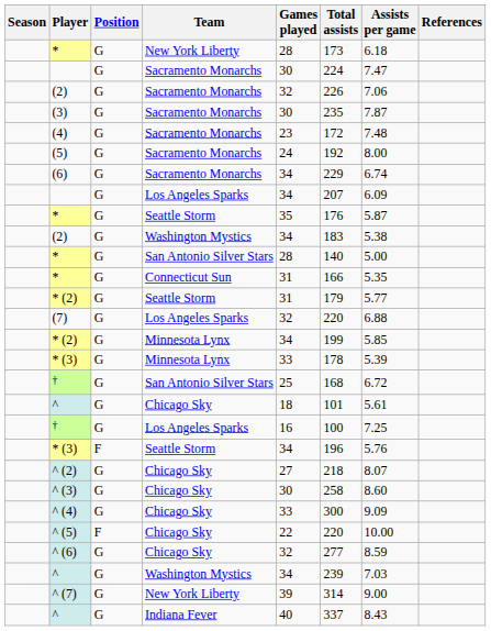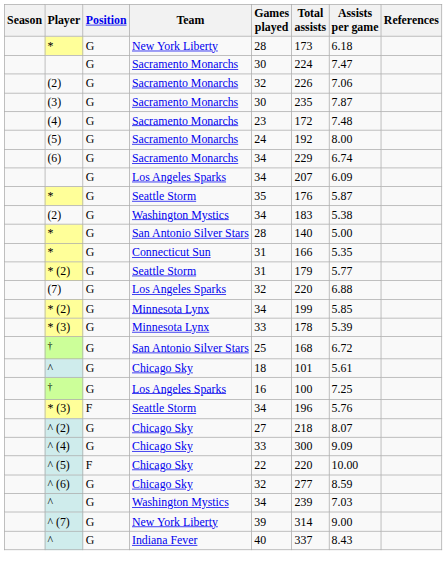 <table class="wikitable sortable">
 <tr>
 <th>Season</th>
 <th>Player</th>
 <th><a href='#'>Position</a></th>
 <th>Team</th>
 <th>Games<br>played</th>
 <th>Total<br>assists</th>
 <th>Assists<br>per game</th>
 <th class="unsortable">References</th>
 </tr>
 <tr>
 <td></td>
 <td bgcolor="#FFFF99">*</td>
 <td>G</td>
 <td><a href='#'>New York Liberty</a></td>
 <td>28</td>
 <td>173</td>
 <td>6.18</td>
 <td align=center></td>
 </tr>
 <tr>
 <td></td>
 <td></td>
 <td>G</td>
 <td><a href='#'>Sacramento Monarchs</a></td>
 <td>30</td>
 <td>224</td>
 <td>7.47</td>
 <td align=center></td>
 </tr>
 <tr>
 <td></td>
 <td> (2)</td>
 <td>G</td>
 <td><a href='#'>Sacramento Monarchs</a></td>
 <td>32</td>
 <td>226</td>
 <td>7.06</td>
 <td align=center></td>
 </tr>
 <tr>
 <td></td>
 <td> (3)</td>
 <td>G</td>
 <td><a href='#'>Sacramento Monarchs</a></td>
 <td>30</td>
 <td>235</td>
 <td>7.87</td>
 <td align=center></td>
 </tr>
 <tr>
 <td></td>
 <td> (4)</td>
 <td>G</td>
 <td><a href='#'>Sacramento Monarchs</a></td>
 <td>23</td>
 <td>172</td>
 <td>7.48</td>
 <td align=center></td>
 </tr>
 <tr>
 <td></td>
 <td> (5)</td>
 <td>G</td>
 <td><a href='#'>Sacramento Monarchs</a></td>
 <td>24</td>
 <td>192</td>
 <td>8.00</td>
 <td align=center></td>
 </tr>
 <tr>
 <td></td>
 <td> (6)</td>
 <td>G</td>
 <td><a href='#'>Sacramento Monarchs</a></td>
 <td>34</td>
 <td>229</td>
 <td>6.74</td>
 <td align=center></td>
 </tr>
 <tr>
 <td></td>
 <td></td>
 <td>G</td>
 <td><a href='#'>Los Angeles Sparks</a></td>
 <td>34</td>
 <td>207</td>
 <td>6.09</td>
 <td align=center></td>
 </tr>
 <tr>
 <td></td>
 <td style="background:#FFFF99">*</td>
 <td>G</td>
 <td><a href='#'>Seattle Storm</a></td>
 <td>35</td>
 <td>176</td>
 <td>5.87</td>
 <td align=center></td>
 </tr>
 <tr>
 <td></td>
 <td> (2)</td>
 <td>G</td>
 <td><a href='#'>Washington Mystics</a></td>
 <td>34</td>
 <td>183</td>
 <td>5.38</td>
 <td align=center></td>
 </tr>
 <tr>
 <td></td>
 <td style="background:#FFFF99">*</td>
 <td>G</td>
 <td><a href='#'>San Antonio Silver Stars</a></td>
 <td>28</td>
 <td>140</td>
 <td>5.00</td>
 <td align=center></td>
 </tr>
 <tr>
 <td></td>
 <td style="background:#FFFF99">*</td>
 <td>G</td>
 <td><a href='#'>Connecticut Sun</a></td>
 <td>31</td>
 <td>166</td>
 <td>5.35</td>
 <td align=center></td>
 </tr>
 <tr>
 <td></td>
 <td style="background:#FFFF99">* (2)</td>
 <td>G</td>
 <td><a href='#'>Seattle Storm</a></td>
 <td>31</td>
 <td>179</td>
 <td>5.77</td>
 <td align=center></td>
 </tr>
 <tr>
 <td></td>
 <td> (7)</td>
 <td>G</td>
 <td><a href='#'>Los Angeles Sparks</a></td>
 <td>32</td>
 <td>220</td>
 <td>6.88</td>
 <td align=center></td>
 </tr>
 <tr>
 <td></td>
 <td style="background:#FFFF99">* (2)</td>
 <td>G</td>
 <td><a href='#'>Minnesota Lynx</a></td>
 <td>34</td>
 <td>199</td>
 <td>5.85</td>
 <td align=center></td>
 </tr>
 <tr>
 <td></td>
 <td style="background:#FFFF99">* (3)</td>
 <td>G</td>
 <td><a href='#'>Minnesota Lynx</a></td>
 <td>33</td>
 <td>178</td>
 <td>5.39</td>
 <td align=center></td>
 </tr>
 <tr>
 <td></td>
 <td style="background:#CCFF99"><sup>†</sup></td>
 <td>G</td>
 <td><a href='#'>San Antonio Silver Stars</a></td>
 <td>25</td>
 <td>168</td>
 <td>6.72</td>
 <td align=center></td>
 </tr>
 <tr>
 <td></td>
 <td style="background:#CFECEC">^</td>
 <td>G</td>
 <td><a href='#'>Chicago Sky</a></td>
 <td>18</td>
 <td>101</td>
 <td>5.61</td>
 <td align=center></td>
 </tr>
 <tr>
 <td></td>
 <td style="background:#CCFF99"><sup>†</sup></td>
 <td>G</td>
 <td><a href='#'>Los Angeles Sparks</a></td>
 <td>16</td>
 <td>100</td>
 <td>7.25</td>
 <td align=center></td>
 </tr>
 <tr>
 <td></td>
 <td style="background:#FFFF99">* (3)</td>
 <td>F</td>
 <td><a href='#'>Seattle Storm</a></td>
 <td>34</td>
 <td>196</td>
 <td>5.76</td>
 <td align=center></td>
 </tr>
 <tr>
 <td></td>
 <td style="background:#CFECEC">^ (2)</td>
 <td>G</td>
 <td><a href='#'>Chicago Sky</a></td>
 <td>27</td>
 <td>218</td>
 <td>8.07</td>
 <td align=center></td>
 </tr>
 <tr>
 <td></td>
-<td style="background:#CFECEC">^ (3)</td>
-<td>G</td>
-<td><a href='#'>Chicago Sky</a></td>
-<td>30</td>
-<td>258</td>
-<td>8.60</td>
-<td align=center></td>
-</tr>
-<tr>
-<td></td>
 <td style="background:#CFECEC">^ (4)</td>
 <td>G</td>
 <td><a href='#'>Chicago Sky</a></td>
 <td>33</td>
 <td>300</td>
 <td>9.09</td>
 <td align=center></td>
 </tr>
 <tr>
 <td></td>
 <td style="background:#CFECEC">^ (5)</td>
 <td>F</td>
 <td><a href='#'>Chicago Sky</a></td>
 <td>22</td>
 <td>220</td>
 <td>10.00</td>
 <td align=center></td>
 </tr>
 <tr>
 <td></td>
 <td style="background:#CFECEC">^ (6)</td>
 <td>G</td>
 <td><a href='#'>Chicago Sky</a></td>
 <td>32</td>
 <td>277</td>
 <td>8.59</td>
 <td align=center></td>
 </tr>
 <tr>
 <td></td>
 <td style="background:#CFECEC">^</td>
 <td>G</td>
 <td><a href='#'>Washington Mystics</a></td>
 <td>34</td>
 <td>239</td>
 <td>7.03</td>
 <td align=center></td>
 </tr>
 <tr>
 <td></td>
 <td style="background:#CFECEC">^ (7)</td>
 <td>G</td>
 <td><a href='#'>New York Liberty</a></td>
 <td>39</td>
 <td>314</td>
 <td>9.00</td>
 <td align=center></td>
 </tr>
 <tr>
 <td></td>
 <td style="background:#CFECEC">^</td>
 <td>G</td>
 <td><a href='#'>Indiana Fever</a></td>
 <td>40</td>
 <td>337</td>
 <td>8.43</td>
 <td align=center></td>
 </tr>
 </table>
